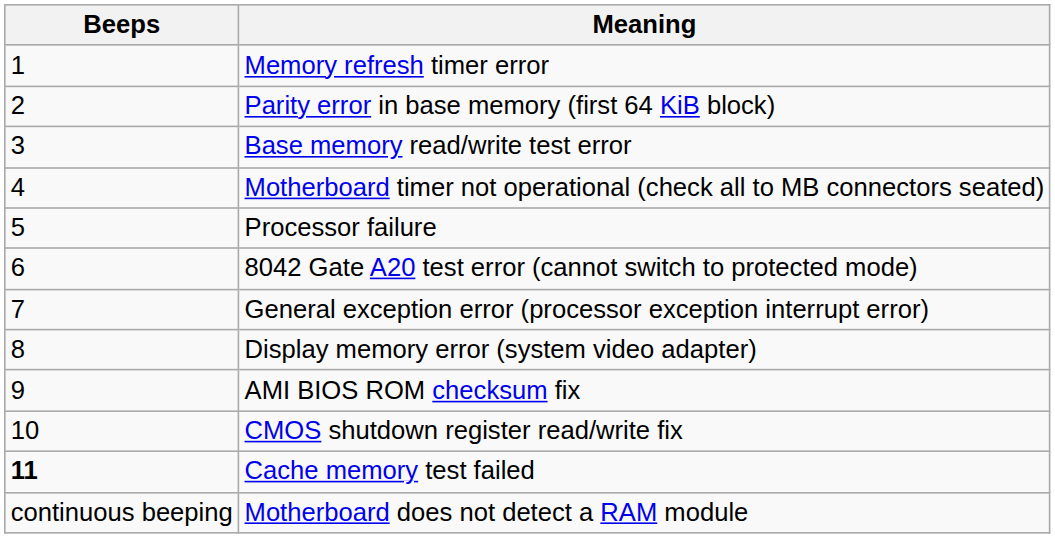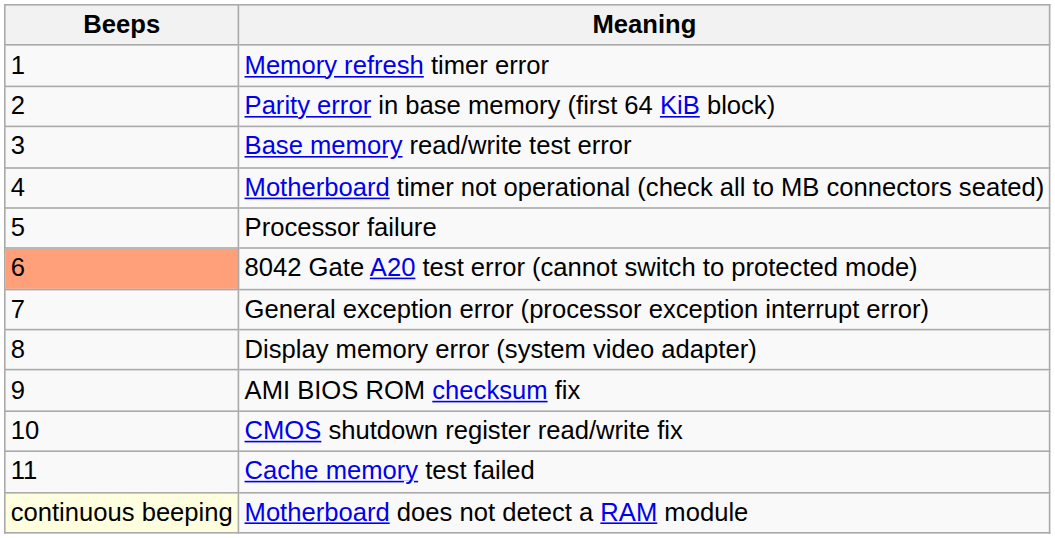 <table class="wikitable">
 <tr>
 <th>Beeps</th>
 <th>Meaning</th>
 </tr>
 <tr>
 <td>1</td>
 <td><a href='#'>Memory refresh</a> timer error</td>
 </tr>
 <tr>
 <td>2</td>
 <td><a href='#'>Parity error</a> in base memory (first 64 <a href='#'>KiB</a> block)</td>
 </tr>
 <tr>
 <td>3</td>
 <td><a href='#'>Base memory</a> read/write test error</td>
 </tr>
 <tr>
 <td>4</td>
 <td><a href='#'>Motherboard</a> timer not operational (check all  to MB connectors seated)</td>
 </tr>
 <tr>
 <td>5</td>
 <td>Processor failure</td>
 </tr>
 <tr>
-<td>6</td>
+<td style="background: lightsalmon;">6</td>
 <td>8042 Gate <a href='#'>A20</a> test error (cannot switch to protected mode)</td>
 </tr>
 <tr>
 <td>7</td>
 <td>General exception error (processor exception interrupt error)</td>
 </tr>
 <tr>
 <td>8</td>
 <td>Display memory error (system video adapter)</td>
 </tr>
 <tr>
 <td>9</td>
 <td>AMI BIOS ROM <a href='#'>checksum</a> fix</td>
 </tr>
 <tr>
 <td>10</td>
 <td><a href='#'>CMOS</a> shutdown register read/write fix</td>
 </tr>
 <tr>
-<td><strong>11</strong></td>
+<td>11</td>
 <td><a href='#'>Cache memory</a> test failed</td>
 </tr>
 <tr>
-<td>continuous beeping</td>
+<td style="background: lightyellow;">continuous beeping</td>
 <td><a href='#'>Motherboard</a> does not detect a <a href='#'>RAM</a> module</td>
 </tr>
 </table>
